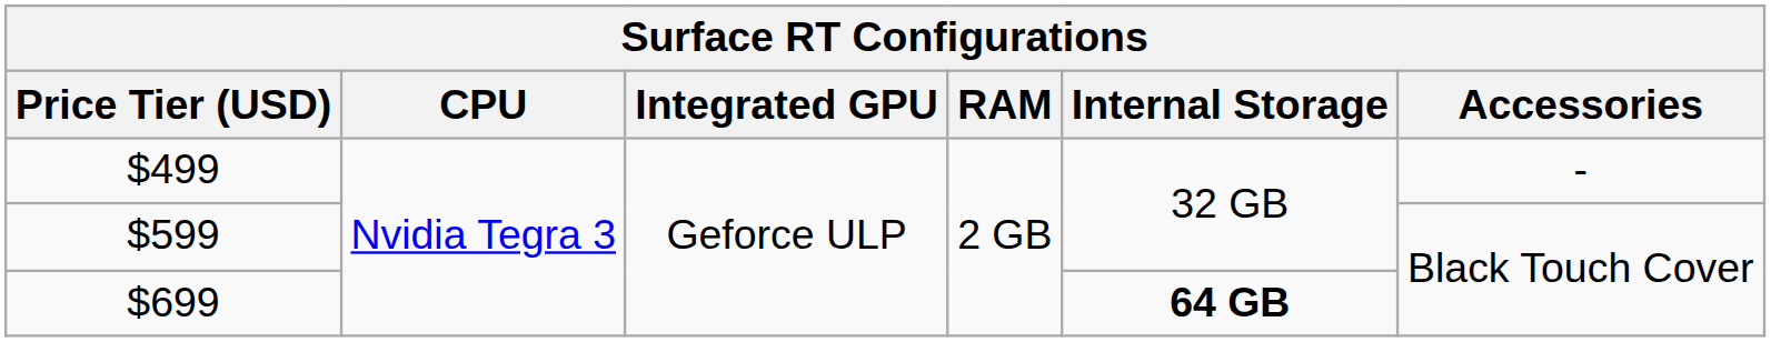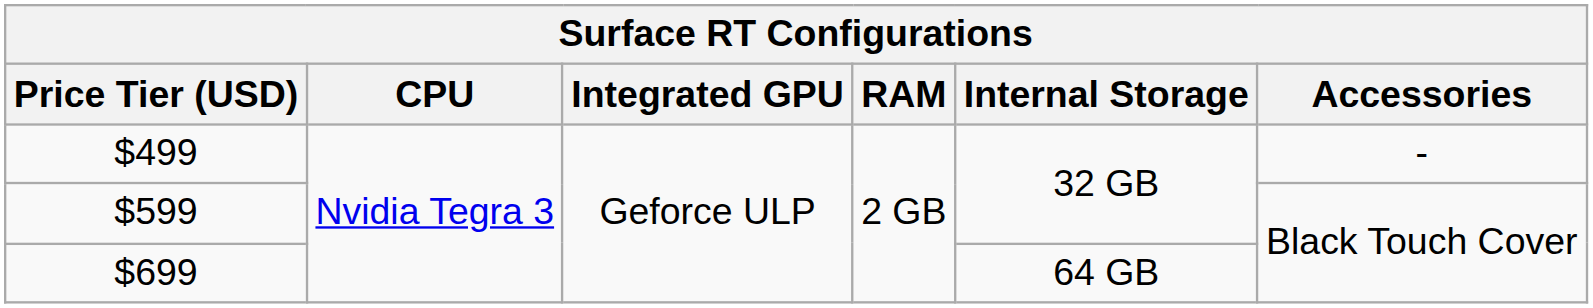 <table class="wikitable" style="text-align:center">
 <tr>
 <th colspan="6">Surface RT Configurations</th>
 </tr>
 <tr>
 <th>Price Tier (USD)</th>
 <th>CPU</th>
 <th>Integrated GPU</th>
 <th>RAM</th>
 <th>Internal Storage</th>
 <th>Accessories</th>
 </tr>
 <tr>
 <td>$499</td>
 <td rowspan="3"><a href='#'>Nvidia Tegra 3</a></td>
 <td rowspan="3">Geforce ULP</td>
 <td rowspan="3">2 GB</td>
 <td rowspan="2">32 GB</td>
 <td>-</td>
 </tr>
 <tr>
 <td>$599</td>
 <td rowspan="2">Black Touch Cover</td>
 </tr>
 <tr>
 <td>$699</td>
-<td><strong>64 GB</strong></td>
+<td>64 GB</td>
 </tr>
 </table>
